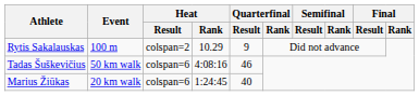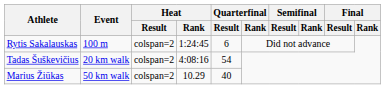 <table class="wikitable" style="font-size:90%">
 <tr>
 <th rowspan="2">Athlete</th>
 <th rowspan="2">Event</th>
 <th colspan="2">Heat</th>
 <th colspan="2">Quarterfinal</th>
 <th colspan="2">Semifinal</th>
 <th colspan="2">Final</th>
 </tr>
 <tr style="font-size:95%">
 <th>Result</th>
 <th>Rank</th>
 <th>Result</th>
 <th>Rank</th>
 <th>Result</th>
 <th>Rank</th>
 <th>Result</th>
 <th>Rank</th>
 </tr>
 <tr align=center>
 <td align=left><a href='#'>Rytis Sakalauskas</a></td>
 <td align=left><a href='#'>100 m</a></td>
 <td>colspan=2 </td>
-<td>10.29</td>
-<td>9</td>
+<td>1:24:45</td>
+<td>6</td>
 <td colspan=4>Did not advance</td>
 </tr>
 <tr align=center>
 <td align=left><a href='#'>Tadas Šuškevičius</a></td>
-<td align=left><a href='#'>50 km walk</a></td>
-<td>colspan=6 </td>
+<td align=left><a href='#'>20 km walk</a></td>
+<td>colspan=2 </td>
 <td>4:08:16</td>
-<td>46</td>
+<td>54</td>
 </tr>
 <tr align=center>
 <td align=left><a href='#'>Marius Žiūkas</a></td>
-<td align=left><a href='#'>20 km walk</a></td>
-<td>colspan=6 </td>
-<td>1:24:45</td>
+<td align=left><a href='#'>50 km walk</a></td>
+<td>colspan=2 </td>
+<td>10.29</td>
 <td>40</td>
 </tr>
 </table>
